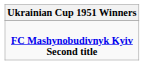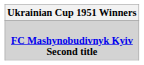 <table class="wikitable" style="text-align: center; margin: 0 auto;">
 <tr>
 <th>Ukrainian Cup 1951 Winners</th>
 </tr>
 <tr>
 </tr>
 <tr>
-<td><br><strong><a href='#'>FC Mashynobudivnyk Kyiv</a></strong><br><strong>Second title</strong></td>
+<td style="background: lightgrey;"><br><strong><a href='#'>FC Mashynobudivnyk Kyiv</a></strong><br><strong>Second title</strong></td>
 </tr>
 </table>
